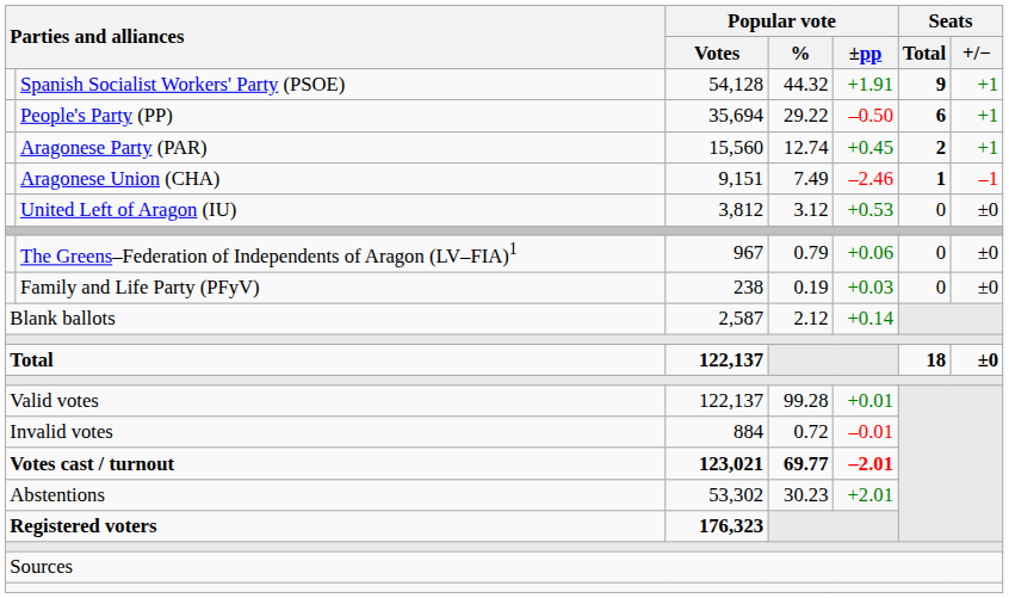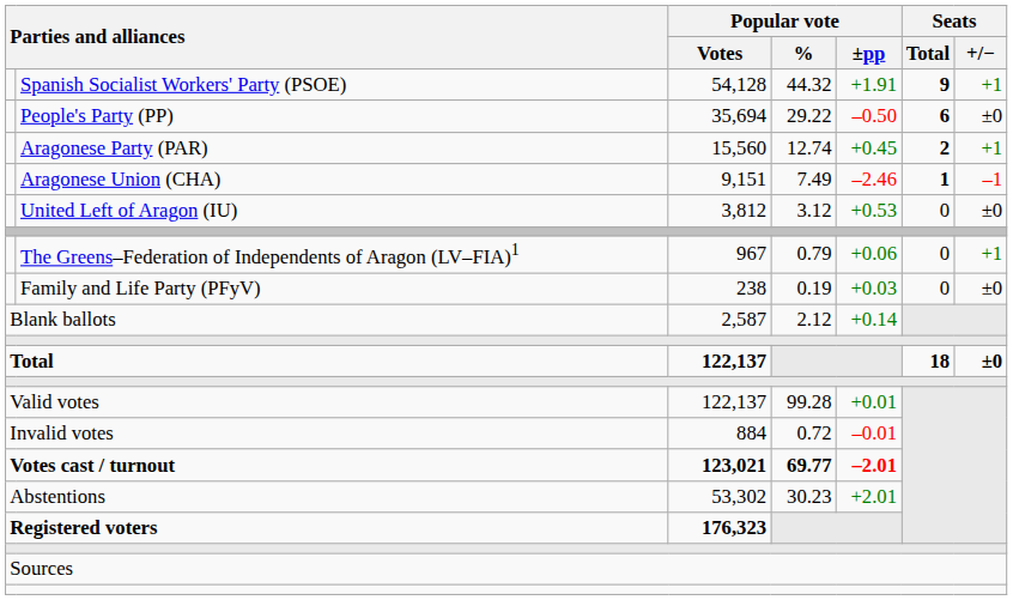 <table class="wikitable" style="text-align:right;">
 <tr>
 <th style="text-align:left;" rowspan="2" colspan="2" width="525">Parties and alliances</th>
 <th colspan="3">Popular vote</th>
 <th colspan="2">Seats</th>
 </tr>
 <tr>
 <th width="75">Votes</th>
 <th width="45">%</th>
 <th width="45">±<a href='#'>pp</a></th>
 <th width="35">Total</th>
 <th width="35">+/−</th>
 </tr>
 <tr>
 <td width="1" style="color:inherit;background:"></td>
 <td align="left"><a href='#'>Spanish Socialist Workers' Party</a> (PSOE)</td>
 <td>54,128</td>
 <td>44.32</td>
 <td style="color:green;">+1.91</td>
 <td><strong>9</strong></td>
 <td style="color:green;">+1</td>
 </tr>
 <tr>
 <td style="color:inherit;background:"></td>
 <td align="left"><a href='#'>People's Party</a> (PP)</td>
 <td>35,694</td>
 <td>29.22</td>
 <td style="color:red;">–0.50</td>
 <td><strong>6</strong></td>
-<td style="color:green;">+1</td>
+<td>±0</td>
 </tr>
 <tr>
 <td style="color:inherit;background:"></td>
 <td align="left"><a href='#'>Aragonese Party</a> (PAR)</td>
 <td>15,560</td>
 <td>12.74</td>
 <td style="color:green;">+0.45</td>
 <td><strong>2</strong></td>
 <td style="color:green;">+1</td>
 </tr>
 <tr>
 <td style="color:inherit;background:"></td>
 <td align="left"><a href='#'>Aragonese Union</a> (CHA)</td>
 <td>9,151</td>
 <td>7.49</td>
 <td style="color:red;">–2.46</td>
 <td><strong>1</strong></td>
 <td style="color:red;">–1</td>
 </tr>
 <tr>
 <td style="color:inherit;background:"></td>
 <td align="left"><a href='#'>United Left of Aragon</a> (IU)</td>
 <td>3,812</td>
 <td>3.12</td>
 <td style="color:green;">+0.53</td>
 <td>0</td>
 <td>±0</td>
 </tr>
 <tr>
 <td colspan="7" bgcolor="#C0C0C0"></td>
 </tr>
 <tr>
 <td style="color:inherit;background:"></td>
 <td align="left"><a href='#'>The Greens</a>–Federation of Independents of Aragon (LV–FIA)<sup>1</sup></td>
 <td>967</td>
 <td>0.79</td>
 <td style="color:green;">+0.06</td>
 <td>0</td>
-<td>±0</td>
+<td style="color:green;">+1</td>
 </tr>
 <tr>
 <td style="color:inherit;background:"></td>
 <td align="left">Family and Life Party (PFyV)</td>
 <td>238</td>
 <td>0.19</td>
 <td style="color:green;">+0.03</td>
 <td>0</td>
 <td>±0</td>
 </tr>
 <tr>
 <td align="left" colspan="2">Blank ballots</td>
 <td>2,587</td>
 <td>2.12</td>
 <td style="color:green;">+0.14</td>
 <td bgcolor="#E9E9E9" colspan="2"></td>
 </tr>
 <tr>
 <td colspan="7" bgcolor="#E9E9E9"></td>
 </tr>
 <tr style="font-weight:bold;">
 <td align="left" colspan="2">Total</td>
 <td>122,137</td>
 <td bgcolor="#E9E9E9" colspan="2"></td>
 <td>18</td>
 <td>±0</td>
 </tr>
 <tr>
 <td colspan="7" bgcolor="#E9E9E9"></td>
 </tr>
 <tr>
 <td align="left" colspan="2">Valid votes</td>
 <td>122,137</td>
 <td>99.28</td>
 <td style="color:green;">+0.01</td>
 <td bgcolor="#E9E9E9" colspan="2" rowspan="5"></td>
 </tr>
 <tr>
 <td align="left" colspan="2">Invalid votes</td>
 <td>884</td>
 <td>0.72</td>
 <td style="color:red;">–0.01</td>
 </tr>
 <tr style="font-weight:bold;">
 <td align="left" colspan="2">Votes cast / turnout</td>
 <td>123,021</td>
 <td>69.77</td>
 <td style="color:red;">–2.01</td>
 </tr>
 <tr>
 <td align="left" colspan="2">Abstentions</td>
 <td>53,302</td>
 <td>30.23</td>
 <td style="color:green;">+2.01</td>
 </tr>
 <tr style="font-weight:bold;">
 <td align="left" colspan="2">Registered voters</td>
 <td>176,323</td>
 <td bgcolor="#E9E9E9" colspan="2"></td>
 </tr>
 <tr>
 <td colspan="7" bgcolor="#E9E9E9"></td>
 </tr>
 <tr>
 <td align="left" colspan="7">Sources</td>
 </tr>
 <tr>
 <td colspan="7" style="text-align:left; max-width:790px;"></td>
 </tr>
 </table>
